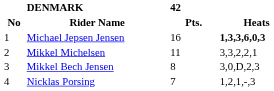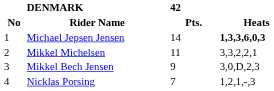 <table class="toccolours">
 <tr>
 <td></td>
 <td><strong>DENMARK</strong></td>
 <td><strong>42</strong></td>
 </tr>
 <tr style="background-color:">
 <th width=30px>No</th>
 <th width=210px>Rider Name</th>
 <th width=70px>Pts.</th>
 <th width=110px>Heats</th>
 </tr>
 <tr style="background-color:">
 <td>1</td>
 <td><a href='#'>Michael Jepsen Jensen</a></td>
-<td>16</td>
+<td>14</td>
 <td><strong>1,3,3,6,0,3</strong></td>
 </tr>
 <tr style="background-color:">
 <td>2</td>
 <td><a href='#'>Mikkel Michelsen</a></td>
 <td>11</td>
 <td>3,3,2,2,1</td>
 </tr>
 <tr style="background-color:">
 <td>3</td>
 <td><a href='#'>Mikkel Bech Jensen</a></td>
-<td>8</td>
+<td>9</td>
 <td>3,0,D,2,3</td>
 </tr>
 <tr style="background-color:">
 <td>4</td>
 <td><a href='#'>Nicklas Porsing</a></td>
 <td>7</td>
 <td>1,2,1,-,3</td>
 </tr>
 </table>
